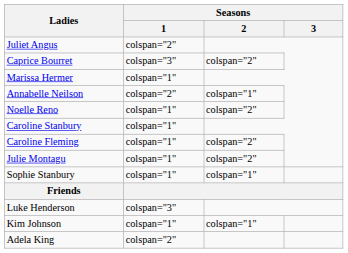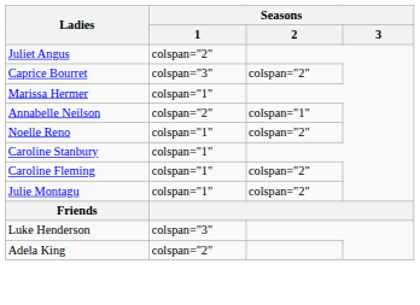 <table class="wikitable plainrowheaders" width="60%">
 <tr>
 <th scope="col" rowspan="2" style="width:15%;">Ladies</th>
 <th scope="col" colspan="3">Seasons</th>
 </tr>
 <tr>
 <th scope="col" style="width:10%;">1</th>
 <th scope="col" style="width:10%;">2</th>
 <th scope="col" style="width:10%;">3</th>
 </tr>
 <tr>
 <td><a href='#'>Juliet Angus</a></td>
 <td>colspan="2" </td>
 </tr>
 <tr>
 <td><a href='#'>Caprice Bourret</a></td>
 <td>colspan="3" </td>
 <td>colspan="2" </td>
 </tr>
 <tr>
 <td><a href='#'>Marissa Hermer</a></td>
 <td>colspan="1" </td>
 </tr>
 <tr>
 <td nowrap=""><a href='#'>Annabelle Neilson</a></td>
 <td>colspan="2" </td>
 <td>colspan="1" </td>
 </tr>
 <tr>
 <td><a href='#'>Noelle Reno</a></td>
 <td>colspan="1" </td>
 <td>colspan="2" </td>
 </tr>
 <tr>
 <td><a href='#'>Caroline Stanbury</a></td>
 <td>colspan="1" </td>
 </tr>
 <tr>
 <td><a href='#'>Caroline Fleming</a></td>
 <td>colspan="1" </td>
 <td>colspan="2" </td>
 </tr>
 <tr>
 <td><a href='#'>Julie Montagu</a></td>
 <td>colspan="1" </td>
 <td>colspan="2" </td>
 </tr>
 <tr>
-<td>Sophie Stanbury</td>
-<td>colspan="1" </td>
-<td>colspan="1" </td>
-<td></td>
-</tr>
-<tr>
 <th scope="col">Friends</th>
 <th scope="col" colspan="3" style="width:24%;"></th>
 </tr>
 <tr>
 <td>Luke Henderson</td>
 <td>colspan="3" </td>
 </tr>
 <tr>
-<td>Kim Johnson</td>
-<td>colspan="1" </td>
-<td>colspan="1" </td>
-<td></td>
-</tr>
-<tr>
 <td>Adela King</td>
 <td>colspan="2" </td>
 <td></td>
 </tr>
 </table>
